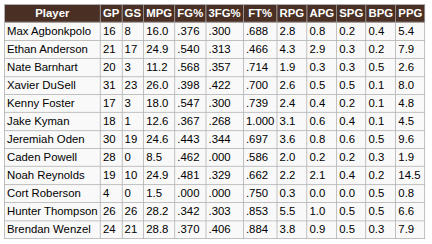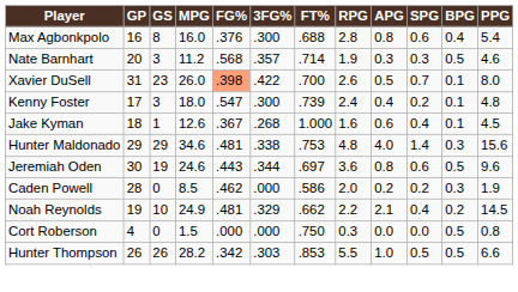 <table class="wikitable sortable">
 <tr>
 <th style="background:#492f24; color:white">Player</th>
 <th style="background:#492f24; color:white">GP</th>
 <th style="background:#492f24; color:white">GS</th>
 <th style="background:#492f24; color:white">MPG</th>
 <th style="background:#492f24; color:white">FG%</th>
 <th style="background:#492f24; color:white">3FG%</th>
 <th style="background:#492f24; color:white">FT%</th>
 <th style="background:#492f24; color:white;">RPG</th>
 <th style="background:#492f24; color:white;">APG</th>
 <th style="background:#492f24; color:white;">SPG</th>
 <th style="background:#492f24; color:white;">BPG</th>
 <th style="background:#492f24; color:white;">PPG</th>
 </tr>
 <tr>
 <td>Max Agbonkpolo</td>
 <td>16</td>
 <td>8</td>
 <td>16.0</td>
 <td>.376</td>
 <td>.300</td>
 <td>.688</td>
 <td>2.8</td>
 <td>0.8</td>
-<td>0.2</td>
+<td>0.6</td>
 <td>0.4</td>
 <td>5.4</td>
-</tr>
-<tr>
-<td>Ethan Anderson</td>
-<td>21</td>
-<td>17</td>
-<td>24.9</td>
-<td>.540</td>
-<td>.313</td>
-<td>.466</td>
-<td>4.3</td>
-<td>2.9</td>
-<td>0.3</td>
-<td>0.2</td>
-<td>7.9</td>
 </tr>
 <tr>
 <td>Nate Barnhart</td>
 <td>20</td>
 <td>3</td>
 <td>11.2</td>
 <td>.568</td>
 <td>.357</td>
 <td>.714</td>
 <td>1.9</td>
 <td>0.3</td>
 <td>0.3</td>
 <td>0.5</td>
-<td>2.6</td>
+<td>4.6</td>
 </tr>
 <tr>
 <td>Xavier DuSell</td>
 <td>31</td>
 <td>23</td>
 <td>26.0</td>
-<td>.398</td>
+<td style="background: lightsalmon;">.398</td>
 <td>.422</td>
 <td>.700</td>
 <td>2.6</td>
 <td>0.5</td>
-<td>0.5</td>
+<td>0.7</td>
 <td>0.1</td>
 <td>8.0</td>
 </tr>
 <tr>
 <td>Kenny Foster</td>
 <td>17</td>
 <td>3</td>
 <td>18.0</td>
 <td>.547</td>
 <td>.300</td>
 <td>.739</td>
 <td>2.4</td>
 <td>0.4</td>
 <td>0.2</td>
 <td>0.1</td>
 <td>4.8</td>
 </tr>
 <tr>
 <td>Jake Kyman</td>
 <td>18</td>
 <td>1</td>
 <td>12.6</td>
 <td>.367</td>
 <td>.268</td>
 <td>1.000</td>
-<td>3.1</td>
+<td>1.6</td>
 <td>0.6</td>
 <td>0.4</td>
 <td>0.1</td>
 <td>4.5</td>
+</tr>
+<tr>
+<td>Hunter Maldonado</td>
+<td>29</td>
+<td>29</td>
+<td>34.6</td>
+<td>.481</td>
+<td>.338</td>
+<td>.753</td>
+<td>4.8</td>
+<td>4.0</td>
+<td>1.4</td>
+<td>0.3</td>
+<td>15.6</td>
 </tr>
 <tr>
 <td>Jeremiah Oden</td>
 <td>30</td>
 <td>19</td>
 <td>24.6</td>
 <td>.443</td>
 <td>.344</td>
 <td>.697</td>
 <td>3.6</td>
 <td>0.8</td>
 <td>0.6</td>
 <td>0.5</td>
 <td>9.6</td>
 </tr>
 <tr>
 <td>Caden Powell</td>
 <td>28</td>
 <td>0</td>
 <td>8.5</td>
 <td>.462</td>
 <td>.000</td>
 <td>.586</td>
 <td>2.0</td>
 <td>0.2</td>
 <td>0.2</td>
 <td>0.3</td>
 <td>1.9</td>
 </tr>
 <tr>
 <td>Noah Reynolds</td>
 <td>19</td>
 <td>10</td>
 <td>24.9</td>
 <td>.481</td>
 <td>.329</td>
 <td>.662</td>
 <td>2.2</td>
 <td>2.1</td>
 <td>0.4</td>
 <td>0.2</td>
 <td>14.5</td>
 </tr>
 <tr>
 <td>Cort Roberson</td>
 <td>4</td>
 <td>0</td>
 <td>1.5</td>
 <td>.000</td>
 <td>.000</td>
 <td>.750</td>
 <td>0.3</td>
 <td>0.0</td>
 <td>0.0</td>
 <td>0.5</td>
 <td>0.8</td>
 </tr>
 <tr>
 <td>Hunter Thompson</td>
 <td>26</td>
 <td>26</td>
 <td>28.2</td>
 <td>.342</td>
 <td>.303</td>
 <td>.853</td>
 <td>5.5</td>
 <td>1.0</td>
 <td>0.5</td>
 <td>0.5</td>
 <td>6.6</td>
 </tr>
-<tr>
-<td>Brendan Wenzel</td>
-<td>24</td>
-<td>21</td>
-<td>28.8</td>
-<td>.370</td>
-<td>.406</td>
-<td>.884</td>
-<td>3.8</td>
-<td>0.9</td>
-<td>0.5</td>
-<td>0.3</td>
-<td>7.9</td>
-</tr>
 </table>
